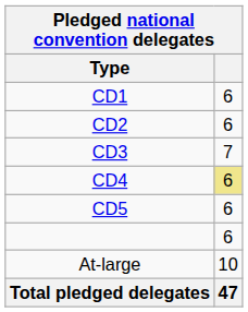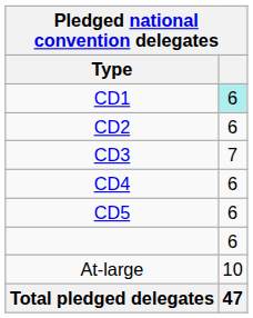 <table class="wikitable sortable" style="font-size:90%;text-align:center;float:right;padding:5px;">
 <tr>
 <th colspan="2">Pledged <a href='#'>national<br>convention</a> delegates</th>
 </tr>
 <tr>
 <th>Type</th>
 <th></th>
 </tr>
 <tr>
 <td><a href='#'>CD1</a></td>
-<td>6</td>
+<td style="background: paleturquoise;">6</td>
 </tr>
 <tr>
 <td><a href='#'>CD2</a></td>
 <td>6</td>
 </tr>
 <tr>
 <td><a href='#'>CD3</a></td>
 <td>7</td>
 </tr>
 <tr>
 <td><a href='#'>CD4</a></td>
-<td style="background: khaki;">6</td>
+<td>6</td>
 </tr>
 <tr>
 <td><a href='#'>CD5</a></td>
 <td>6</td>
 </tr>
 <tr>
 <td></td>
 <td>6</td>
 </tr>
 <tr>
 <td>At-large</td>
 <td>10</td>
 </tr>
 <tr>
 <th>Total pledged delegates</th>
 <th>47</th>
 </tr>
 </table>
